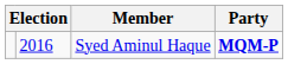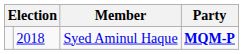 <table class="wikitable">
 <tr>
 <th colspan="2">Election</th>
 <th>Member</th>
 <th>Party</th>
 </tr>
 <tr>
 <td style="background-color: "></td>
-<td><a href='#'>2016</a></td>
+<td><a href='#'>2018</a></td>
 <td><a href='#'>Syed Aminul Haque</a></td>
 <td><strong><a href='#'>MQM-P</a></strong></td>
 </tr>
 </table>
